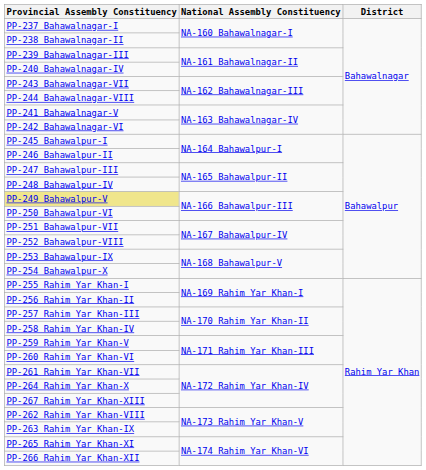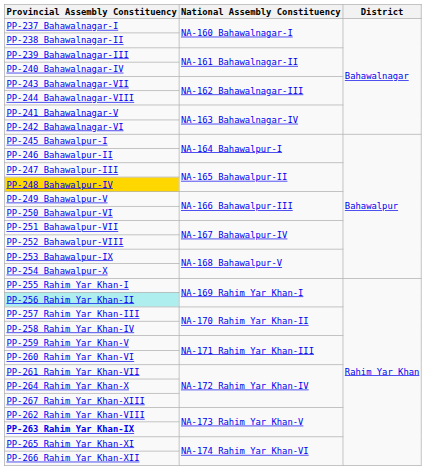 <table class="wikitable sortable static-row-numbers static-row-header-hash">
 <tr>
 <th>Provincial Assembly Constituency</th>
 <th>National Assembly Constituency</th>
 <th>District</th>
 </tr>
 <tr>
 <td><a href='#'>PP-237 Bahawalnagar-I</a></td>
 <td rowspan="2"><a href='#'>NA-160 Bahawalnagar-I</a></td>
 <td rowspan="8"><a href='#'>Bahawalnagar</a></td>
 </tr>
 <tr>
 <td><a href='#'>PP-238 Bahawalnagar-II</a></td>
 </tr>
 <tr>
 <td><a href='#'>PP-239 Bahawalnagar-III</a></td>
 <td rowspan="2"><a href='#'>NA-161 Bahawalnagar-II</a></td>
 </tr>
 <tr>
 <td><a href='#'>PP-240 Bahawalnagar-IV</a></td>
 </tr>
 <tr>
 <td><a href='#'>PP-243 Bahawalnagar-VII</a></td>
 <td rowspan="2"><a href='#'>NA-162 Bahawalnagar-III</a></td>
 </tr>
 <tr>
 <td><a href='#'>PP-244 Bahawalnagar-VIII</a></td>
 </tr>
 <tr>
 <td><a href='#'>PP-241 Bahawalnagar-V</a></td>
 <td rowspan="2"><a href='#'>NA-163 Bahawalnagar-IV</a></td>
 </tr>
 <tr>
 <td><a href='#'>PP-242 Bahawalnagar-VI</a></td>
 </tr>
 <tr>
 <td><a href='#'>PP-245 Bahawalpur-I</a></td>
 <td rowspan="2"><a href='#'>NA-164 Bahawalpur-I</a></td>
 <td rowspan="10"><a href='#'>Bahawalpur</a></td>
 </tr>
 <tr>
 <td><a href='#'>PP-246 Bahawalpur-II</a></td>
 </tr>
 <tr>
 <td><a href='#'>PP-247 Bahawalpur-III</a></td>
 <td rowspan="2"><a href='#'>NA-165 Bahawalpur-II</a></td>
 </tr>
 <tr>
-<td><a href='#'>PP-248 Bahawalpur-IV</a></td>
+<td style="background: gold;"><a href='#'>PP-248 Bahawalpur-IV</a></td>
 </tr>
 <tr>
-<td style="background: khaki;"><a href='#'>PP-249 Bahawalpur-V</a></td>
+<td><a href='#'>PP-249 Bahawalpur-V</a></td>
 <td rowspan="2"><a href='#'>NA-166 Bahawalpur-III</a></td>
 </tr>
 <tr>
 <td><a href='#'>PP-250 Bahawalpur-VI</a></td>
 </tr>
 <tr>
 <td><a href='#'>PP-251 Bahawalpur-VII</a></td>
 <td rowspan="2"><a href='#'>NA-167 Bahawalpur-IV</a></td>
 </tr>
 <tr>
 <td><a href='#'>PP-252 Bahawalpur-VIII</a></td>
 </tr>
 <tr>
 <td><a href='#'>PP-253 Bahawalpur-IX</a></td>
 <td rowspan="2"><a href='#'>NA-168 Bahawalpur-V</a></td>
 </tr>
 <tr>
 <td><a href='#'>PP-254 Bahawalpur-X</a></td>
 </tr>
 <tr>
 <td><a href='#'>PP-255 Rahim Yar Khan-I</a></td>
 <td rowspan="2"><a href='#'>NA-169 Rahim Yar Khan-I</a></td>
 <td rowspan="13"><a href='#'>Rahim Yar Khan</a></td>
 </tr>
 <tr>
-<td><a href='#'>PP-256 Rahim Yar Khan-II</a></td>
+<td style="background: paleturquoise;"><a href='#'>PP-256 Rahim Yar Khan-II</a></td>
 </tr>
 <tr>
 <td><a href='#'>PP-257 Rahim Yar Khan-III</a></td>
 <td rowspan="2"><a href='#'>NA-170 Rahim Yar Khan-II</a></td>
 </tr>
 <tr>
 <td><a href='#'>PP-258 Rahim Yar Khan-IV</a></td>
 </tr>
 <tr>
 <td><a href='#'>PP-259 Rahim Yar Khan-V</a></td>
 <td rowspan="2"><a href='#'>NA-171 Rahim Yar Khan-III</a></td>
 </tr>
 <tr>
 <td><a href='#'>PP-260 Rahim Yar Khan-VI</a></td>
 </tr>
 <tr>
 <td><a href='#'>PP-261 Rahim Yar Khan-VII</a></td>
 <td rowspan="3"><a href='#'>NA-172 Rahim Yar Khan-IV</a></td>
 </tr>
 <tr>
 <td><a href='#'>PP-264 Rahim Yar Khan-X</a></td>
 </tr>
 <tr>
 <td><a href='#'>PP-267 Rahim Yar Khan-XIII</a></td>
 </tr>
 <tr>
 <td><a href='#'>PP-262 Rahim Yar Khan-VIII</a></td>
 <td rowspan="2"><a href='#'>NA-173 Rahim Yar Khan-V</a></td>
 </tr>
 <tr>
-<td><a href='#'>PP-263 Rahim Yar Khan-IX</a></td>
+<td><strong><a href='#'>PP-263 Rahim Yar Khan-IX</a></strong></td>
 </tr>
 <tr>
 <td><a href='#'>PP-265 Rahim Yar Khan-XI</a></td>
 <td rowspan="2"><a href='#'>NA-174 Rahim Yar Khan-VI</a></td>
 </tr>
 <tr>
 <td><a href='#'>PP-266 Rahim Yar Khan-XII</a></td>
 </tr>
 </table>
